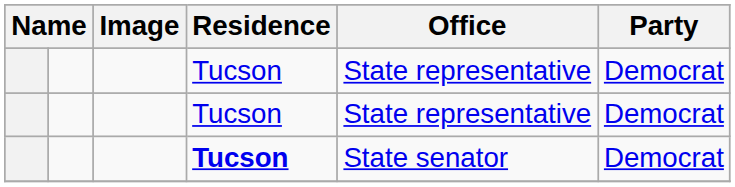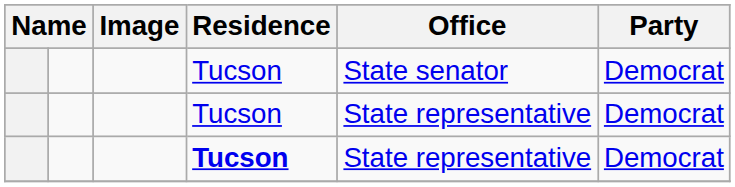 <table class="sortable wikitable">
 <tr valign=bottom>
 <th colspan="2">Name</th>
 <th>Image</th>
 <th>Residence</th>
 <th>Office</th>
 <th>Party</th>
 </tr>
 <tr>
 <th style="background-color:  "></th>
 <td></td>
 <td></td>
 <td><a href='#'>Tucson</a></td>
-<td><a href='#'>State representative</a></td>
+<td><a href='#'>State senator</a></td>
 <td><a href='#'>Democrat</a></td>
 </tr>
 <tr>
 <th style="background-color:  "></th>
 <td></td>
 <td></td>
 <td><a href='#'>Tucson</a></td>
 <td><a href='#'>State representative</a></td>
 <td><a href='#'>Democrat</a></td>
 </tr>
 <tr>
 <th style="background-color: "></th>
 <td></td>
 <td></td>
 <td><strong><a href='#'>Tucson</a></strong></td>
-<td><a href='#'>State senator</a></td>
+<td><a href='#'>State representative</a></td>
 <td><a href='#'>Democrat</a></td>
 </tr>
 <tr>
 </tr>
 </table>
